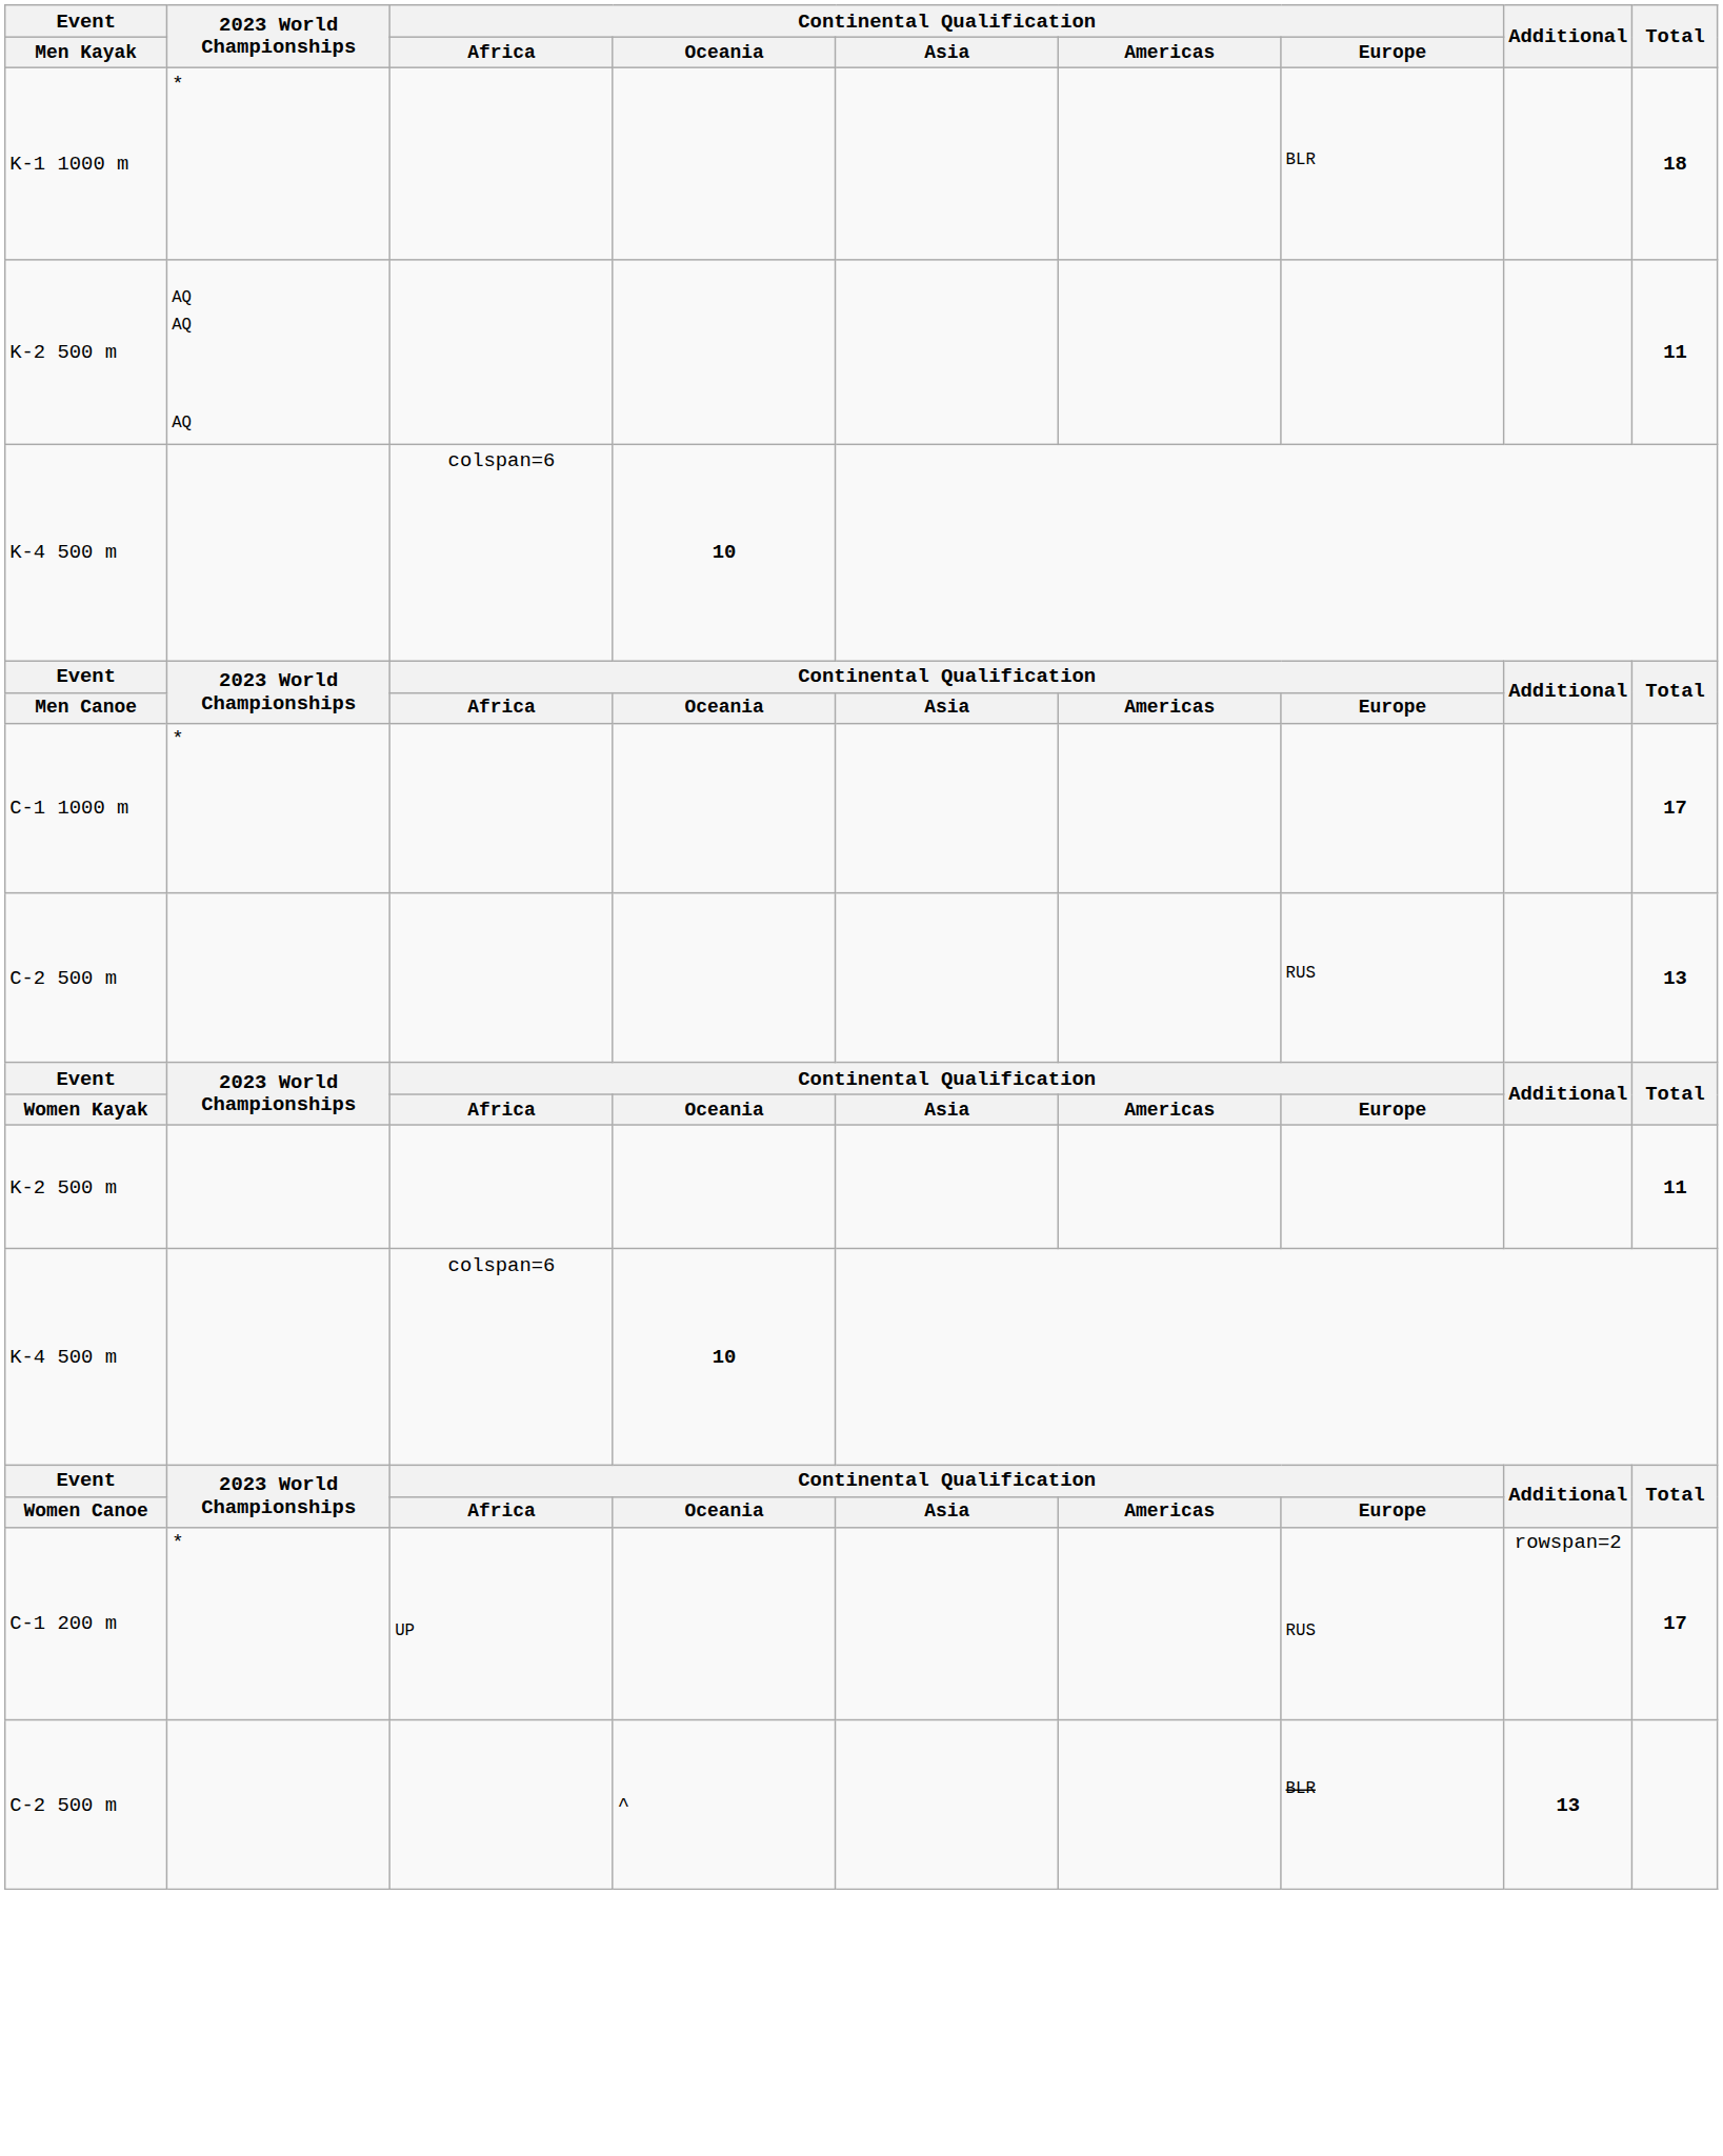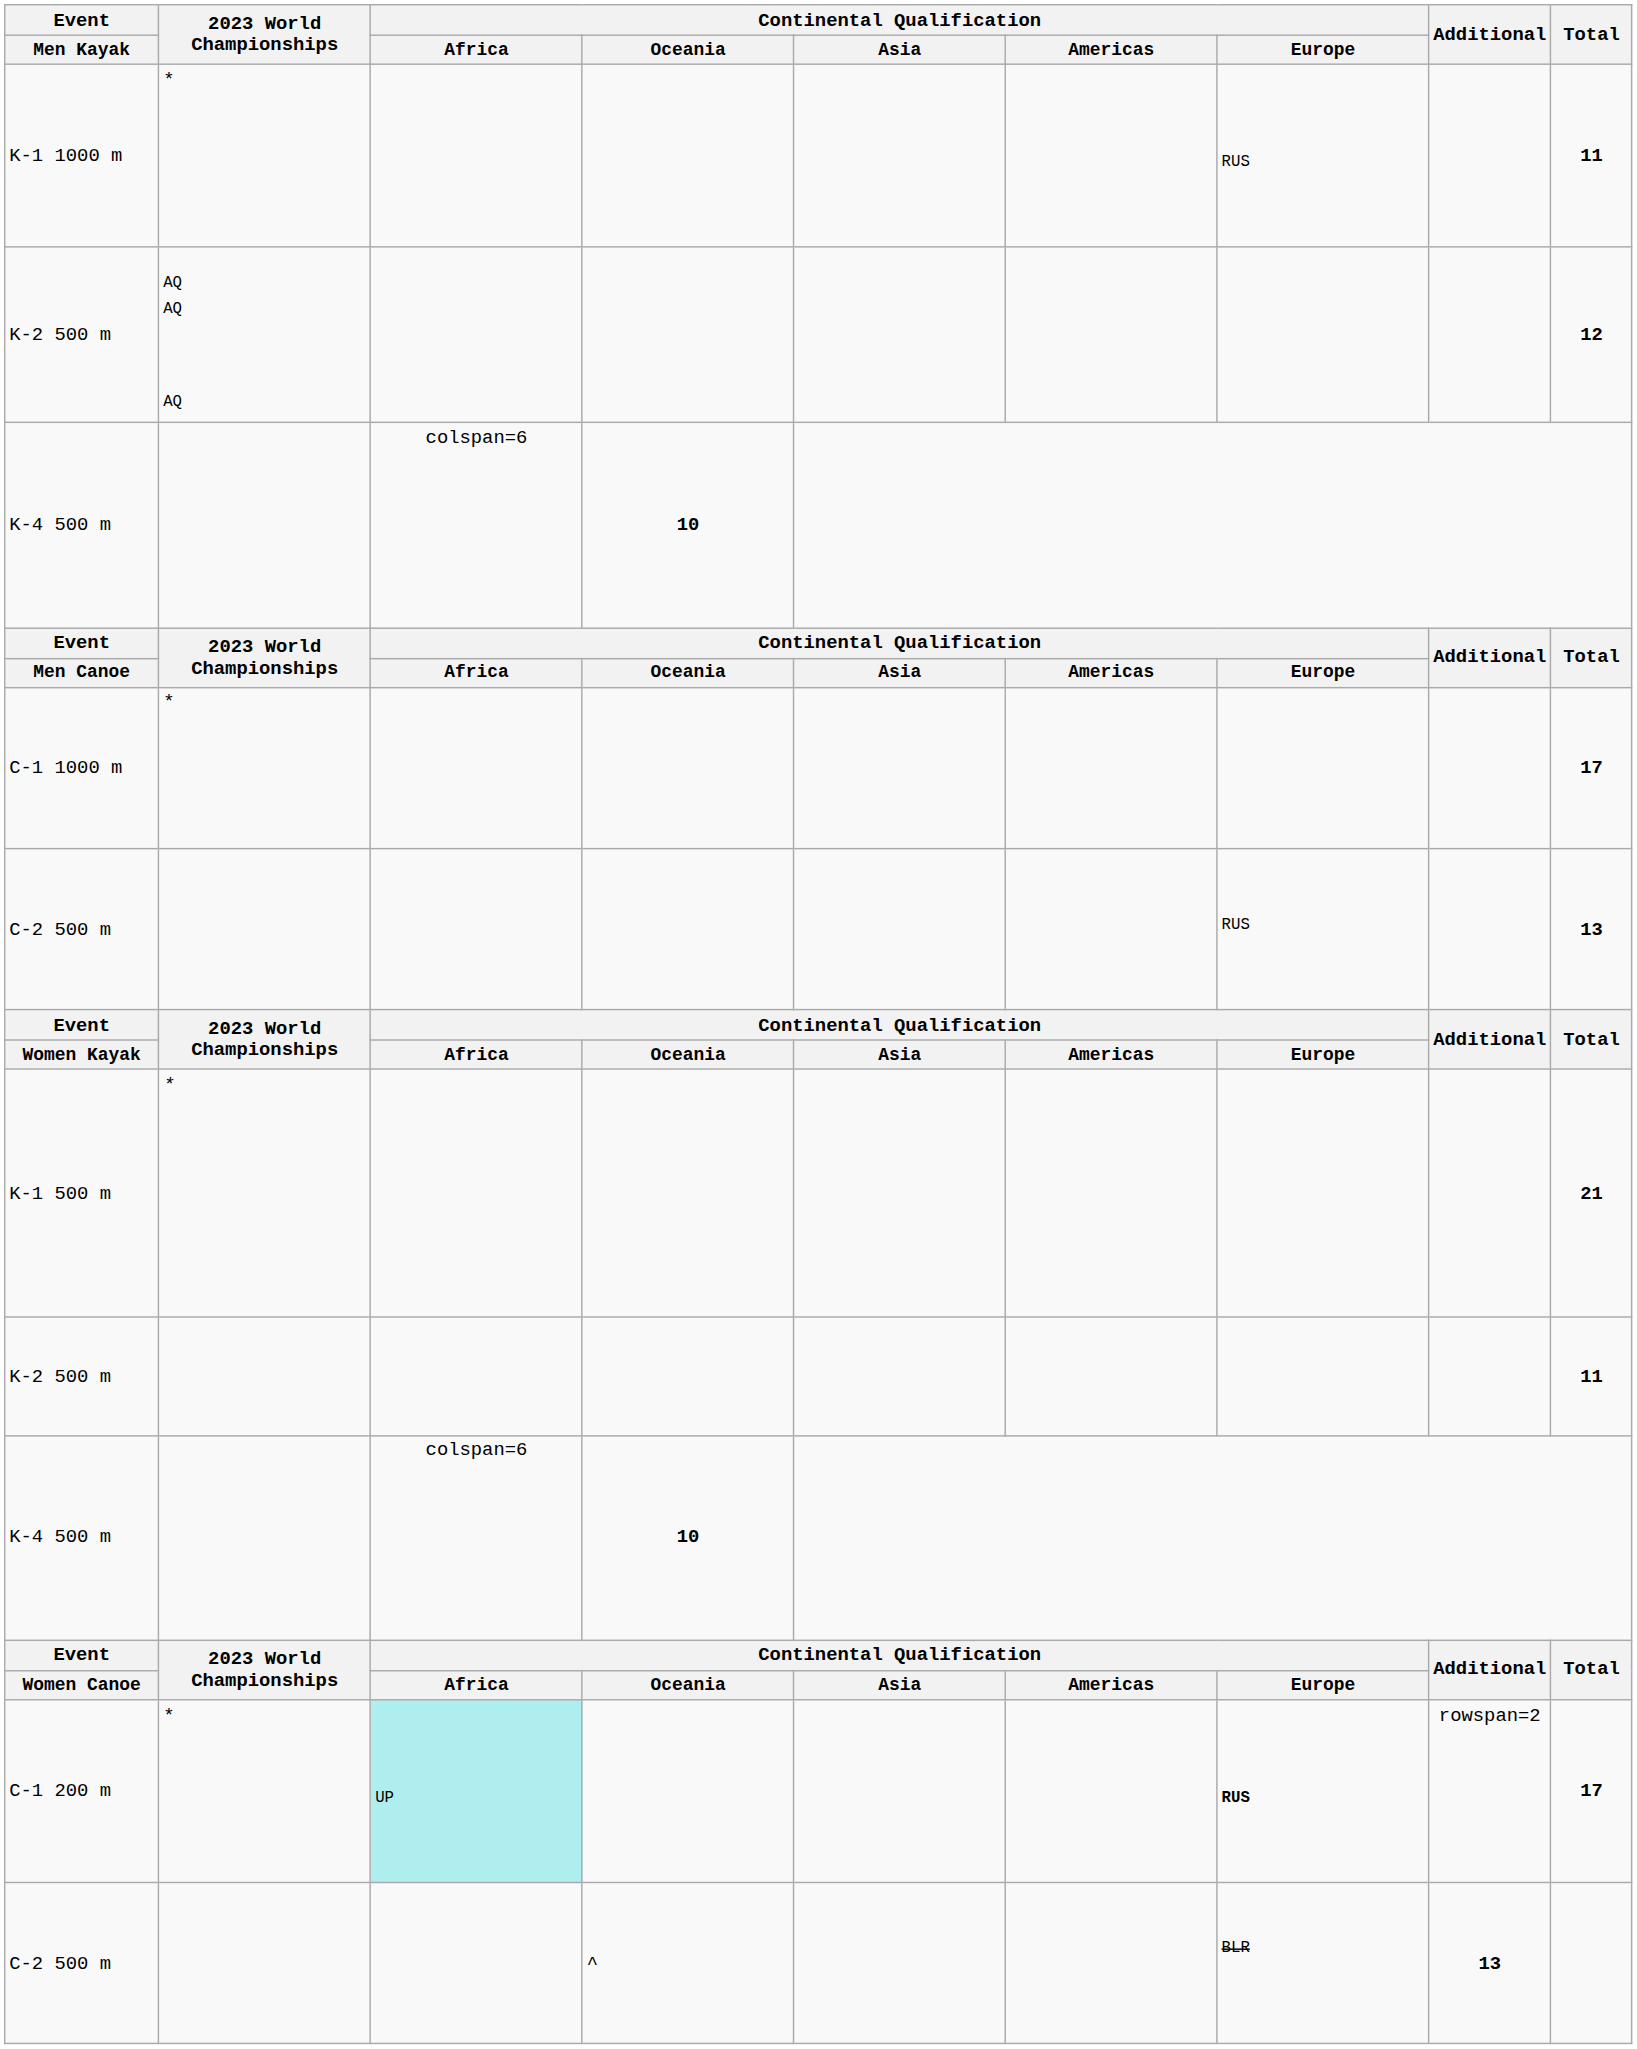 <table class="wikitable" style="text-align:center">
 <tr>
 <th width=100>Event</th>
 <th width=140 rowspan="2">2023 World<br>Championships</th>
 <th colspan="5">Continental Qualification</th>
 <th width=50 rowspan="2">Additional</th>
 <th width=50 rowspan="2">Total</th>
 </tr>
 <tr style="font-size: 95%">
 <th>Men Kayak</th>
 <th width=140>Africa</th>
 <th width=140>Oceania</th>
 <th width=140>Asia</th>
 <th width=140>Americas</th>
 <th width=140>Europe</th>
 </tr>
 <tr valign=top>
 <td align="left" valign=middle>K-1 1000 m</td>
 <td align="left">*<br><br><br><em></em><br><br><br><br><br></td>
 <td align="left" valign=middle></td>
 <td align="left" valign=middle></td>
 <td align="left" valign=middle><br></td>
 <td align="left" valign=middle><br></td>
-<td align="left" valign=middle><sup>BLR</sup><br></td>
+<td align="left" valign=middle><br><sup>RUS</sup></td>
 <td align="left" valign=middle></td>
-<td valign=middle><strong>18</strong></td>
+<td valign=middle><strong>11</strong></td>
 </tr>
 <tr valign=top>
 <td align="left" valign=middle>K-2 500 m</td>
 <td align="left"><br><sup>AQ</sup><br><sup>AQ</sup><br><br><br><br><sup>AQ</sup></td>
 <td align="left" valign=middle></td>
 <td align="left" valign=middle></td>
 <td align="left" valign=middle></td>
 <td align="left" valign=middle></td>
 <td align="left" valign=middle></td>
 <td></td>
-<td valign=middle><strong>11</strong></td>
+<td valign=middle><strong>12</strong></td>
 </tr>
 <tr valign=top>
 <td align="left" valign=middle>K-4 500 m</td>
 <td align="left"> <br>  <br>  <br>  <br>  <br>  <br>  <br>  <br>  <br> </td>
 <td>colspan=6 </td>
 <td valign=middle><strong>10</strong></td>
 </tr>
 <tr>
 <th width=100>Event</th>
 <th width=140 rowspan="2">2023 World<br>Championships</th>
 <th colspan="5">Continental Qualification</th>
 <th width=50 rowspan="2">Additional</th>
 <th width=50 rowspan="2">Total</th>
 </tr>
 <tr style="font-size: 95%">
 <th>Men Canoe</th>
 <th width=140>Africa</th>
 <th width=140>Oceania</th>
 <th width=140>Asia</th>
 <th width=140>Americas</th>
 <th width=140>Europe</th>
 </tr>
 <tr valign=top>
 <td align="left" valign=middle>C-1 1000 m</td>
 <td align="left">*<em><br></em><br><br><br><br><br><br></td>
 <td align="left" valign=middle></td>
 <td align="left" valign=middle><s></s><br></td>
 <td align="left" valign=middle><br></td>
 <td align="left" valign=middle><br></td>
 <td align="left" valign=middle><br></td>
 <td align="left" valign=middle></td>
 <td valign=middle><strong>17</strong></td>
 </tr>
 <tr valign=top>
 <td align="left" valign=middle>C-2 500 m</td>
 <td align="left"><br><br><br><br><br><br><br></td>
 <td align="left" valign=middle></td>
 <td align="left" valign=middle></td>
 <td align="left" valign=middle></td>
 <td align="left" valign=middle></td>
 <td align="left" valign=middle><sup>RUS</sup></td>
 <td></td>
 <td valign=middle><strong>13</strong></td>
 </tr>
 <tr>
 <th width=100>Event</th>
 <th width=140 rowspan="2">2023 World<br>Championships</th>
 <th colspan="5">Continental Qualification</th>
 <th width=50 rowspan="2">Additional</th>
 <th width=50 rowspan="2">Total</th>
 </tr>
 <tr style="font-size: 95%">
 <th>Women Kayak</th>
 <th width=140>Africa</th>
 <th width=140>Oceania</th>
 <th width=140>Asia</th>
 <th width=140>Americas</th>
 <th width=140>Europe</th>
 </tr>
 <tr valign=top>
+<td align="left" valign=middle>K-1 500 m</td>
+<td align="left"><em>*</em><br><em></em><br><em></em><br><em></em><br><em></em><br><br><br><br><br><br><br></td>
+<td align="left" valign=middle></td>
+<td align="left" valign=middle></td>
+<td align="left" valign=middle><br></td>
+<td align="left" valign=middle><br></td>
+<td align="left" valign=middle><br></td>
+<td align="left" valign=middle></td>
+<td valign=middle><strong>21</strong></td>
+</tr>
+<tr valign=top>
 <td align="left" valign=middle>K-2 500 m</td>
 <td align="left"><br><br><br><br><br></td>
 <td align="left" valign=middle></td>
 <td align="left" valign=middle></td>
 <td align="left" valign=middle></td>
 <td align="left" valign=middle></td>
 <td align="left" valign=middle></td>
 <td></td>
 <td valign=middle><strong>11</strong></td>
 </tr>
 <tr valign=top>
 <td align="left" valign=middle>K-4 500 m</td>
 <td align="left"> <br>  <br>  <br>  <br>  <br>  <br>  <br>  <br>  <br> </td>
 <td>colspan=6 </td>
 <td valign=middle><strong>10</strong></td>
 </tr>
 <tr>
 <th width=100>Event</th>
 <th width=140 rowspan="2">2023 World<br>Championships</th>
 <th colspan="5">Continental Qualification</th>
 <th width=50 rowspan="2">Additional</th>
 <th width=50 rowspan="2">Total</th>
 </tr>
 <tr style="font-size: 95%">
 <th>Women Canoe</th>
 <th width=140>Africa</th>
 <th width=140>Oceania</th>
 <th width=140>Asia</th>
 <th width=140>Americas</th>
 <th width=140>Europe</th>
 </tr>
 <tr valign=top>
 <td align="left" valign=middle>C-1 200 m</td>
 <td align="left">*<br><em></em><br><em></em><br><br><br><br><br><em></em><br></td>
-<td align="left" valign=middle><br><sup>UP</sup></td>
+<td align="left" valign=middle style="background: paleturquoise;"><br><sup>UP</sup></td>
 <td align="left" valign=middle><s></s><br></td>
 <td align="left" valign=middle><br></td>
 <td align="left" valign=middle><br></td>
-<td align="left" valign=middle><br><sup>RUS</sup></td>
+<td align="left" valign=middle><strong><br><sup>RUS</sup></strong></td>
 <td>rowspan=2 </td>
 <td valign=middle><strong>17</strong></td>
 </tr>
 <tr valign=top>
 <td align="left" valign=middle>C-2 500 m</td>
 <td align="left"> <br>  <br>  <br>  <br>  <br>  <br>  <br> </td>
 <td align="left" valign=middle></td>
 <td align="left" valign=middle>^</td>
 <td align="left" valign=middle></td>
 <td align="left" valign=middle></td>
 <td align="left" valign=middle><s><sup>BLR</sup></s><br><br></td>
 <td valign=middle><strong>13</strong></td>
 </tr>
 </table>
